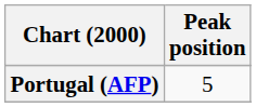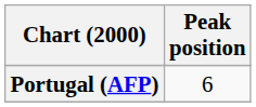 <table class="wikitable plainrowheaders sortable" style="text-align:center">
 <tr>
 <th>Chart (2000)</th>
 <th>Peak<br>position</th>
 </tr>
 <tr>
 </tr>
 <tr>
 </tr>
 <tr>
 </tr>
 <tr>
 </tr>
 <tr>
 </tr>
 <tr>
 <th scope="row">Portugal (<a href='#'>AFP</a>)</th>
-<td>5</td>
+<td>6</td>
 </tr>
 <tr>
 </tr>
 <tr>
 </tr>
 <tr>
 </tr>
 <tr>
 </tr>
 </table>
